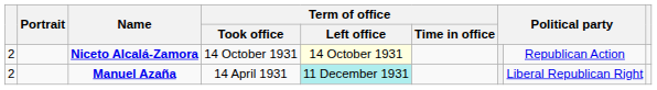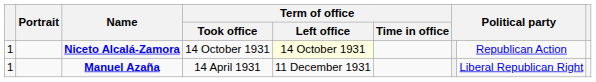 <table class="wikitable" style="text-align:center">
 <tr>
 <th rowspan=2></th>
 <th rowspan=2>Portrait</th>
 <th rowspan=2>Name<br></th>
 <th colspan=3>Term of office</th>
 <th colspan=2 rowspan=2>Political party</th>
 <th rowspan=2></th>
 </tr>
 <tr>
 <th>Took office</th>
 <th>Left office</th>
 <th>Time in office</th>
 </tr>
 <tr>
-<td>2</td>
+<td>1</td>
 <td></td>
 <td><strong><a href='#'>Niceto Alcalá-Zamora</a></strong><br></td>
 <td>14 October 1931</td>
 <td style="background: lightyellow;">14 October 1931</td>
 <td></td>
 <th style="background-color:"></th>
 <td><a href='#'>Republican Action</a></td>
 <td></td>
 </tr>
 <tr>
-<td>2</td>
+<td>1</td>
 <td></td>
 <td><strong><a href='#'>Manuel Azaña</a></strong><br></td>
 <td>14 April 1931</td>
-<td style="background: paleturquoise;">11 December 1931</td>
+<td>11 December 1931</td>
 <td></td>
 <th style="background-color:"></th>
 <td><a href='#'>Liberal Republican Right</a></td>
 <td></td>
 </tr>
 </table>
